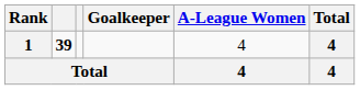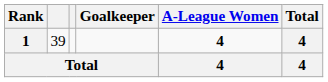 <table class="wikitable" style="text-align:center">
 <tr>
 <th>Rank</th>
 <th></th>
 <th></th>
 <th>Goalkeeper</th>
 <th><a href='#'>A-League Women</a></th>
 <th>Total</th>
 </tr>
 <tr>
 <th>1</th>
-<td><strong>39</strong></td>
+<td>39</td>
 <td></td>
 <td align="left"></td>
-<td>4</td>
+<td><strong>4</strong></td>
 <th>4</th>
 </tr>
 <tr>
 <th colspan="4">Total</th>
 <th>4</th>
 <th>4</th>
 </tr>
 </table>
